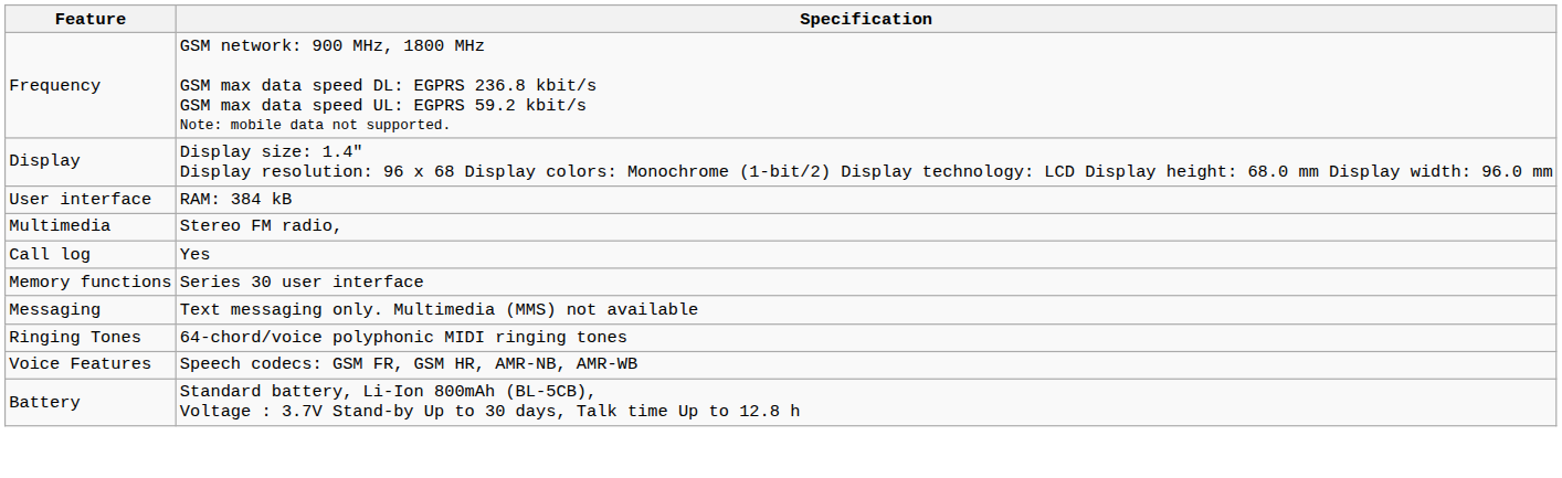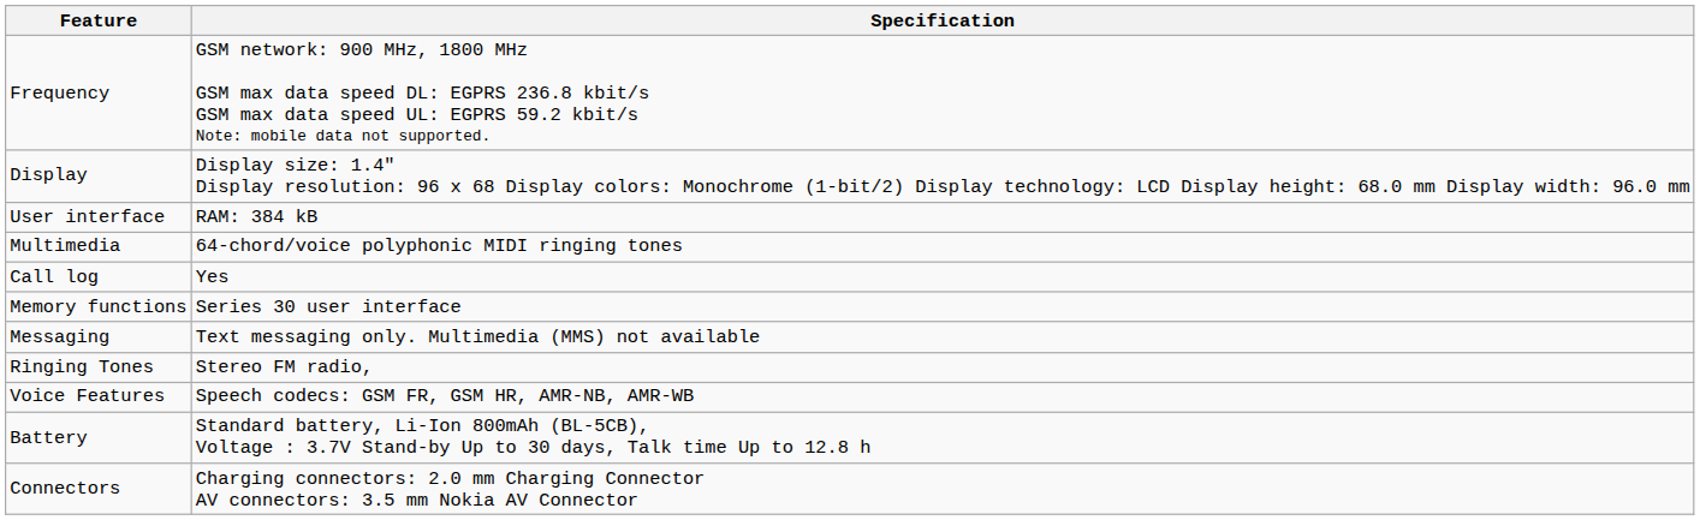 <table class="wikitable">
 <tr>
 <th>Feature</th>
 <th>Specification</th>
 </tr>
 <tr>
 <td>Frequency</td>
 <td>GSM network: 900 MHz, 1800 MHz<br><br>GSM max data speed DL: EGPRS 236.8 kbit/s<br> GSM max data speed UL: EGPRS 59.2 kbit/s<br> <small>Note: mobile data not supported.</small></td>
 </tr>
 <tr>
 <td>Display</td>
 <td>Display size: 1.4"<br>Display resolution: 96 x 68  Display colors: Monochrome (1-bit/2)  Display technology: LCD  Display height: 68.0 mm Display width: 96.0 mm</td>
 </tr>
 <tr>
 <td>User interface</td>
 <td>RAM: 384 kB</td>
 </tr>
 <tr>
 <td>Multimedia</td>
-<td>Stereo FM radio,</td>
+<td>64-chord/voice polyphonic MIDI ringing tones</td>
 </tr>
 <tr>
 <td>Call log</td>
 <td>Yes</td>
 </tr>
 <tr>
 <td>Memory functions</td>
 <td>Series 30 user interface</td>
 </tr>
 <tr>
 <td>Messaging</td>
 <td>Text messaging only. Multimedia (MMS) not available</td>
 </tr>
 <tr>
 <td>Ringing Tones</td>
-<td>64-chord/voice polyphonic MIDI ringing tones</td>
+<td>Stereo FM radio,</td>
 </tr>
 <tr>
 <td>Voice Features</td>
 <td>Speech codecs: GSM FR, GSM HR, AMR-NB, AMR-WB</td>
 </tr>
 <tr>
 <td>Battery</td>
 <td>Standard battery, Li-Ion 800mAh (BL-5CB),<br>Voltage : 3.7V Stand-by Up to 30 days, Talk time Up to 12.8 h</td>
 </tr>
+<tr>
+<td>Connectors</td>
+<td>Charging connectors: 2.0 mm Charging Connector<br>AV connectors: 3.5 mm Nokia AV Connector</td>
+</tr>
 </table>
